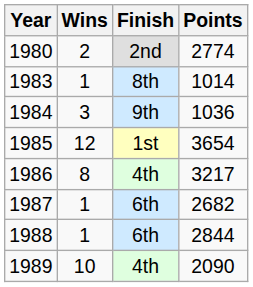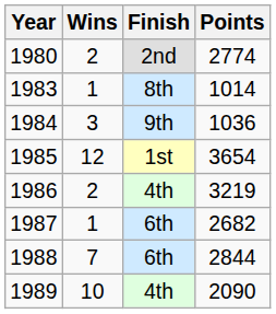 <table class="wikitable" style="font-size: 90%;">
 <tr>
 <th>Year</th>
 <th>Wins</th>
 <th>Finish</th>
 <th>Points</th>
 </tr>
 <tr>
 <td>1980</td>
 <td align=center>2</td>
 <td align=center style="background:#DFDFDF;">2nd</td>
 <td align=center>2774</td>
 </tr>
 <tr>
 <td>1983</td>
 <td align=center>1</td>
 <td align=center style="background:#CFEAFF;">8th</td>
 <td align=center>1014</td>
 </tr>
 <tr>
 <td>1984</td>
 <td align=center>3</td>
 <td align=center style="background:#CFEAFF;">9th</td>
 <td align=center>1036</td>
 </tr>
 <tr>
 <td>1985</td>
 <td align=center>12</td>
 <td align=center style="background:#FFFFBF;">1st</td>
 <td align=center>3654</td>
 </tr>
 <tr>
 <td>1986</td>
-<td align=center>8</td>
+<td align=center>2</td>
 <td align=center style="background:#DFFFDF;">4th</td>
-<td align=center>3217</td>
+<td align=center>3219</td>
 </tr>
 <tr>
 <td>1987</td>
 <td align=center>1</td>
 <td align=center style="background:#CFEAFF;">6th</td>
 <td align=center>2682</td>
 </tr>
 <tr>
 <td>1988</td>
-<td align=center>1</td>
+<td align=center>7</td>
 <td align=center style="background:#CFEAFF;">6th</td>
 <td align=center>2844</td>
 </tr>
 <tr>
 <td>1989</td>
 <td align=center>10</td>
 <td align=center style="background:#DFFFDF;">4th</td>
 <td align=center>2090</td>
 </tr>
 </table>
